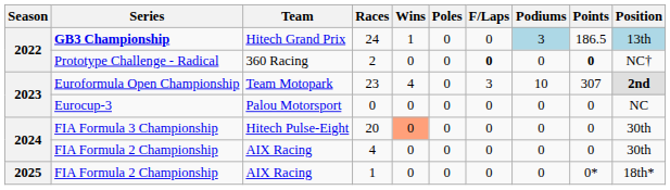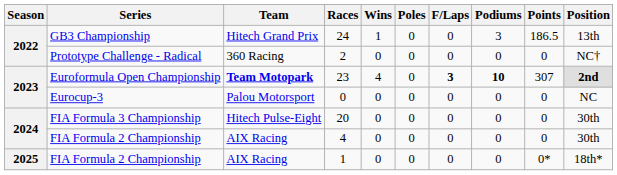 <table class="wikitable" style="font-size: 90%; text-align:center;">
 <tr>
 <th scope="col">Season</th>
 <th scope="col">Series</th>
 <th scope="col">Team</th>
 <th scope="col">Races</th>
 <th scope="col">Wins</th>
 <th scope="col">Poles</th>
 <th scope="col">F/Laps</th>
 <th scope="col">Podiums</th>
 <th scope="col">Points</th>
 <th scope="col">Position</th>
 </tr>
 <tr>
 <th scope="row" rowspan="2">2022</th>
-<td style="text-align:left;"><strong><a href='#'>GB3 Championship</a></strong></td>
+<td style="text-align:left;"><a href='#'>GB3 Championship</a></td>
 <td style="text-align:left;"><a href='#'>Hitech Grand Prix</a></td>
 <td>24</td>
 <td>1</td>
 <td>0</td>
 <td>0</td>
-<td style="background: lightblue;">3</td>
+<td>3</td>
 <td>186.5</td>
-<td style="background: lightblue;">13th</td>
+<td>13th</td>
 </tr>
 <tr>
 <td style="text-align:left;"><a href='#'>Prototype Challenge - Radical</a></td>
 <td style="text-align:left;">360 Racing</td>
 <td>2</td>
 <td>0</td>
 <td>0</td>
-<td><strong>0</strong></td>
 <td>0</td>
-<td><strong>0</strong></td>
+<td>0</td>
+<td>0</td>
 <td>NC†</td>
 </tr>
 <tr>
 <th scope="row" rowspan="2">2023</th>
 <td style="text-align:left;" nowrap><a href='#'>Euroformula Open Championship</a></td>
-<td style="text-align:left;"><a href='#'>Team Motopark</a></td>
+<td style="text-align:left;"><strong><a href='#'>Team Motopark</a></strong></td>
 <td>23</td>
 <td>4</td>
 <td>0</td>
-<td>3</td>
-<td>10</td>
+<td><strong>3</strong></td>
+<td><strong>10</strong></td>
 <td>307</td>
 <td style="background:#DFDFDF;"><strong>2nd</strong></td>
 </tr>
 <tr>
 <td style="text-align:left;"><a href='#'>Eurocup-3</a></td>
 <td style="text-align:left;"><a href='#'>Palou Motorsport</a></td>
 <td>0</td>
 <td>0</td>
 <td>0</td>
 <td>0</td>
 <td>0</td>
 <td>0</td>
 <td>NC</td>
 </tr>
 <tr>
 <th scope="row" rowspan="2">2024</th>
 <td style="text-align:left;"><a href='#'>FIA Formula 3 Championship</a></td>
 <td style="text-align:left;" nowrap><a href='#'>Hitech Pulse-Eight</a></td>
 <td>20</td>
-<td style="background: lightsalmon;">0</td>
+<td>0</td>
 <td>0</td>
 <td>0</td>
 <td>0</td>
 <td>0</td>
 <td>30th</td>
 </tr>
 <tr>
 <td style="text-align:left;"><a href='#'>FIA Formula 2 Championship</a></td>
 <td style="text-align:left;"><a href='#'>AIX Racing</a></td>
 <td>4</td>
 <td>0</td>
 <td>0</td>
 <td>0</td>
 <td>0</td>
 <td>0</td>
 <td>30th</td>
 </tr>
 <tr>
 <th>2025</th>
 <td style="text-align:left;"><a href='#'>FIA Formula 2 Championship</a></td>
 <td style="text-align:left;"><a href='#'>AIX Racing</a></td>
 <td>1</td>
 <td>0</td>
 <td>0</td>
 <td>0</td>
 <td>0</td>
 <td>0*</td>
 <td>18th*</td>
 </tr>
 </table>
